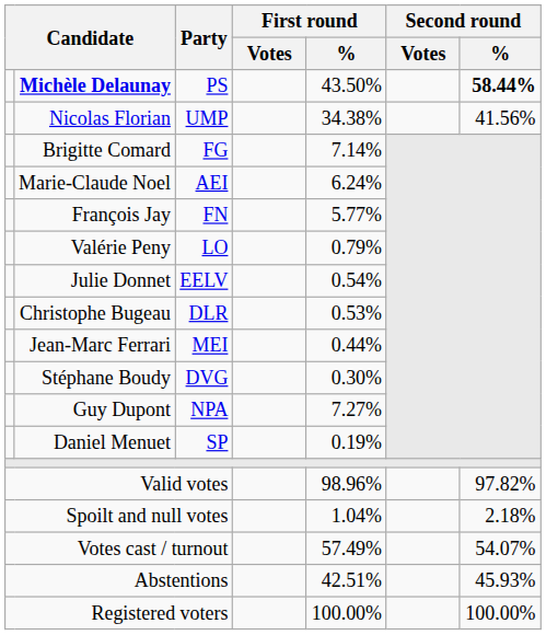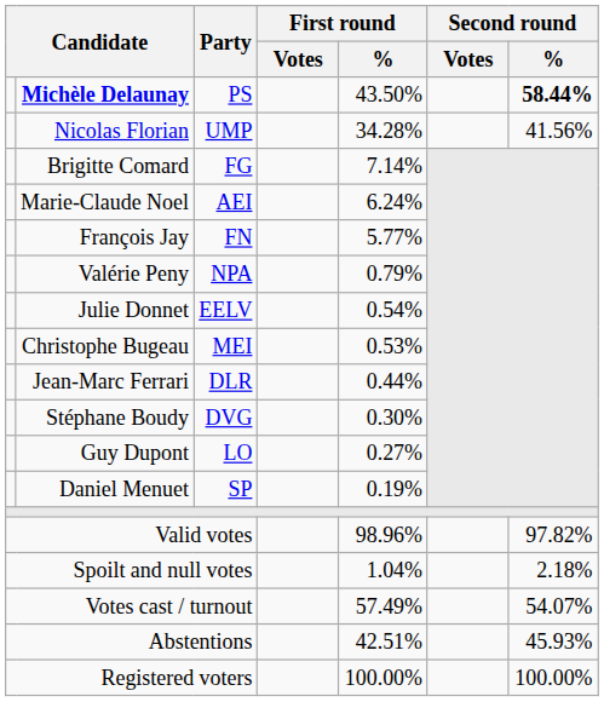 <table class="wikitable" style="text-align:right;font-size:95%;">
 <tr>
 <th rowspan=2 colspan=2>Candidate</th>
 <th rowspan=2 colspan=1>Party</th>
 <th colspan=2>First round</th>
 <th colspan=2>Second round</th>
 </tr>
 <tr>
 <th style="width:50px;">Votes</th>
 <th style="width:55px;">%</th>
 <th style="width:50px;">Votes</th>
 <th style="width:55px;">%</th>
 </tr>
 <tr>
 <td style="color:inherit;background-color:"></td>
 <td><strong><a href='#'>Michèle Delaunay</a></strong></td>
 <td><a href='#'>PS</a></td>
 <td></td>
 <td>43.50%</td>
 <td><strong></strong></td>
 <td><strong>58.44%</strong></td>
 </tr>
 <tr>
 <td style="color:inherit;background-color:"></td>
 <td><a href='#'>Nicolas Florian</a></td>
 <td><a href='#'>UMP</a></td>
 <td></td>
-<td>34.38%</td>
+<td>34.28%</td>
 <td></td>
 <td>41.56%</td>
 </tr>
 <tr>
 <td style="color:inherit;background-color:"></td>
 <td>Brigitte Comard</td>
 <td><a href='#'>FG</a></td>
 <td></td>
 <td>7.14%</td>
 <td colspan=7 rowspan=10 style="background-color:#E9E9E9;"></td>
 </tr>
 <tr>
 <td style="color:inherit;background-color:"></td>
 <td>Marie-Claude Noel</td>
 <td><a href='#'>AEI</a></td>
 <td></td>
 <td>6.24%</td>
 </tr>
 <tr>
 <td style="color:inherit;background-color:"></td>
 <td>François Jay</td>
 <td><a href='#'>FN</a></td>
 <td></td>
 <td>5.77%</td>
 </tr>
 <tr>
 <td style="color:inherit;background-color:"></td>
 <td>Valérie Peny</td>
-<td><a href='#'>LO</a></td>
+<td><a href='#'>NPA</a></td>
 <td></td>
 <td>0.79%</td>
 </tr>
 <tr>
 <td style="color:inherit;background-color:"></td>
 <td>Julie Donnet</td>
 <td><a href='#'>EELV</a></td>
 <td></td>
 <td>0.54%</td>
 </tr>
 <tr>
 <td style="color:inherit;background-color:"></td>
 <td>Christophe Bugeau</td>
-<td><a href='#'>DLR</a></td>
+<td><a href='#'>MEI</a></td>
 <td></td>
 <td>0.53%</td>
 </tr>
 <tr>
 <td style="color:inherit;background-color:"></td>
 <td>Jean-Marc Ferrari</td>
-<td><a href='#'>MEI</a></td>
+<td><a href='#'>DLR</a></td>
 <td></td>
 <td>0.44%</td>
 </tr>
 <tr>
 <td style="color:inherit;background-color:"></td>
 <td>Stéphane Boudy</td>
 <td><a href='#'>DVG</a> </td>
 <td></td>
 <td>0.30%</td>
 </tr>
 <tr>
 <td style="color:inherit;background-color:"></td>
 <td>Guy Dupont</td>
-<td><a href='#'>NPA</a></td>
+<td><a href='#'>LO</a></td>
 <td></td>
-<td>7.27%</td>
+<td>0.27%</td>
 </tr>
 <tr>
 <td style="color:inherit;background-color:"></td>
 <td>Daniel Menuet</td>
 <td><a href='#'>SP</a></td>
 <td></td>
 <td>0.19%</td>
 </tr>
 <tr>
 <td colspan=7 style="background-color:#E9E9E9;"></td>
 </tr>
 <tr>
 <td colspan=3>Valid votes</td>
 <td></td>
 <td>98.96%</td>
 <td></td>
 <td>97.82%</td>
 </tr>
 <tr>
 <td colspan=3>Spoilt and null votes</td>
 <td></td>
 <td>1.04%</td>
 <td></td>
 <td>2.18%</td>
 </tr>
 <tr>
 <td colspan=3>Votes cast / turnout</td>
 <td></td>
 <td>57.49%</td>
 <td></td>
 <td>54.07%</td>
 </tr>
 <tr>
 <td colspan=3>Abstentions</td>
 <td></td>
 <td>42.51%</td>
 <td></td>
 <td>45.93%</td>
 </tr>
 <tr>
 <td colspan=3>Registered voters</td>
 <td></td>
 <td>100.00%</td>
 <td></td>
 <td>100.00%</td>
 </tr>
 </table>
